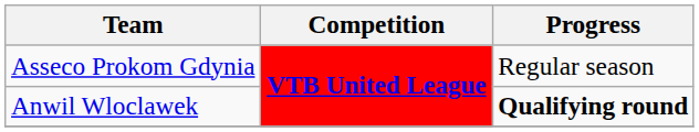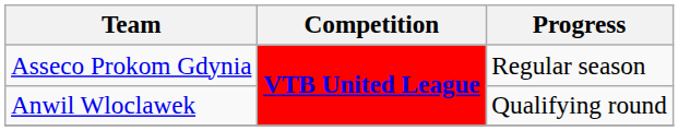 <table class="wikitable sortable">
 <tr>
 <th>Team</th>
 <th>Competition</th>
 <th>Progress</th>
 </tr>
 <tr>
 <td><a href='#'>Asseco Prokom Gdynia</a></td>
 <td rowspan="2" style="background-color:red;color:white;text-align:center"><strong><span><a href='#'>VTB United League</a></span></strong></td>
 <td>Regular season</td>
 </tr>
 <tr>
 <td><a href='#'>Anwil Wloclawek</a></td>
-<td><strong>Qualifying round</strong></td>
+<td>Qualifying round</td>
 </tr>
 <tr>
 </tr>
 </table>
